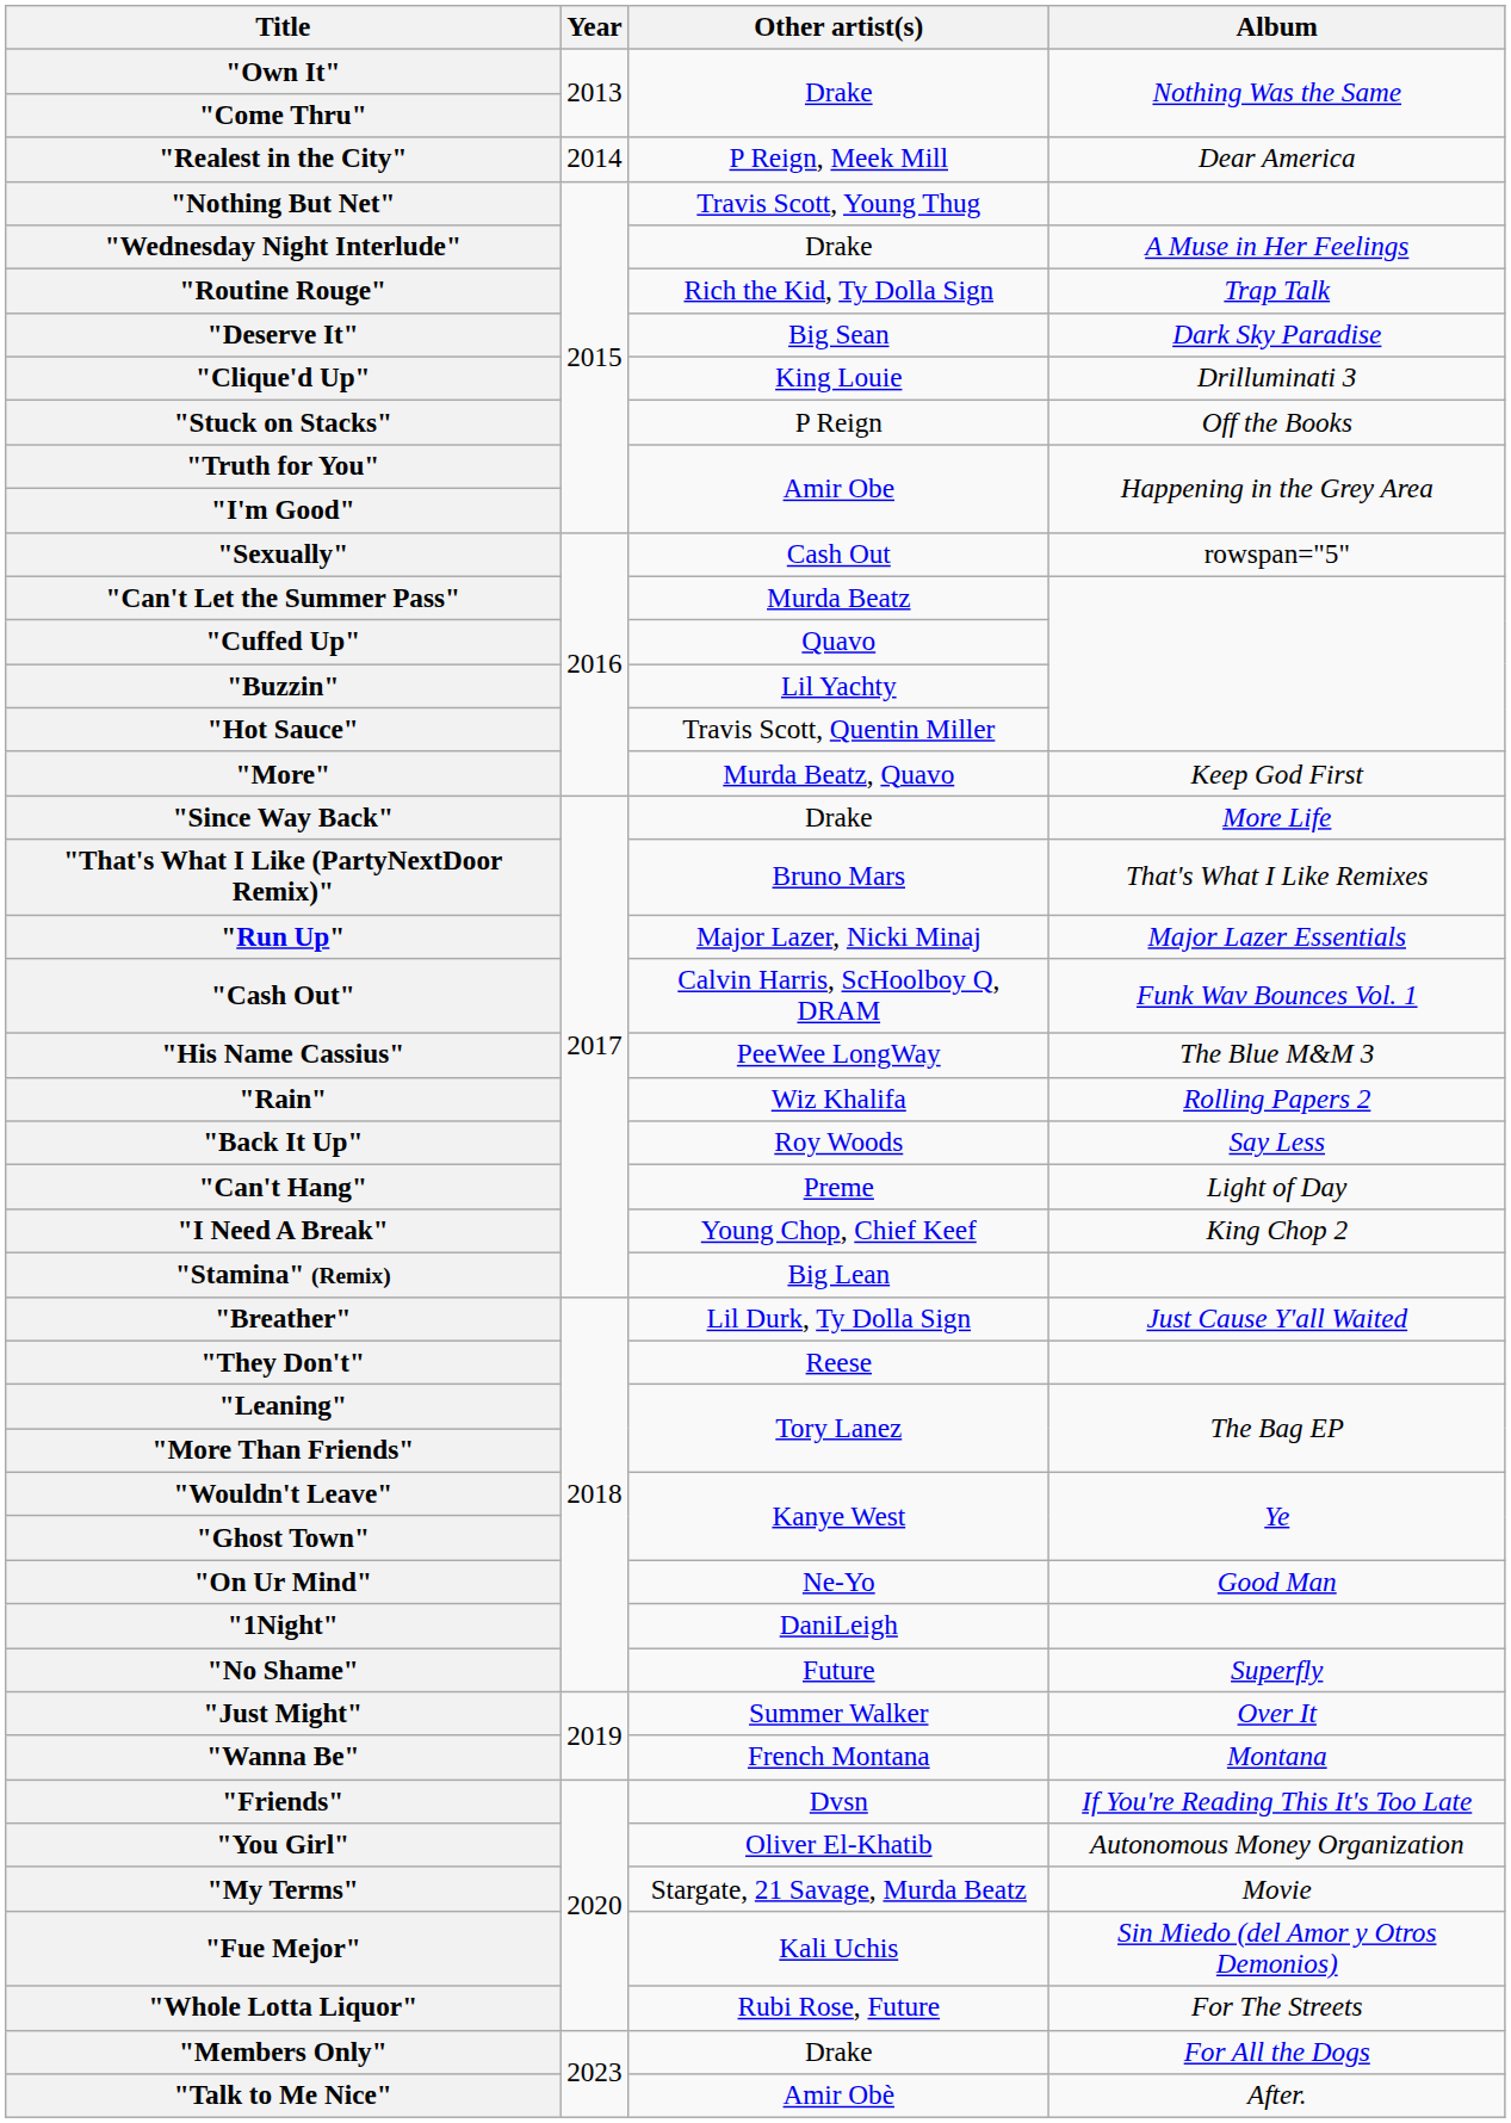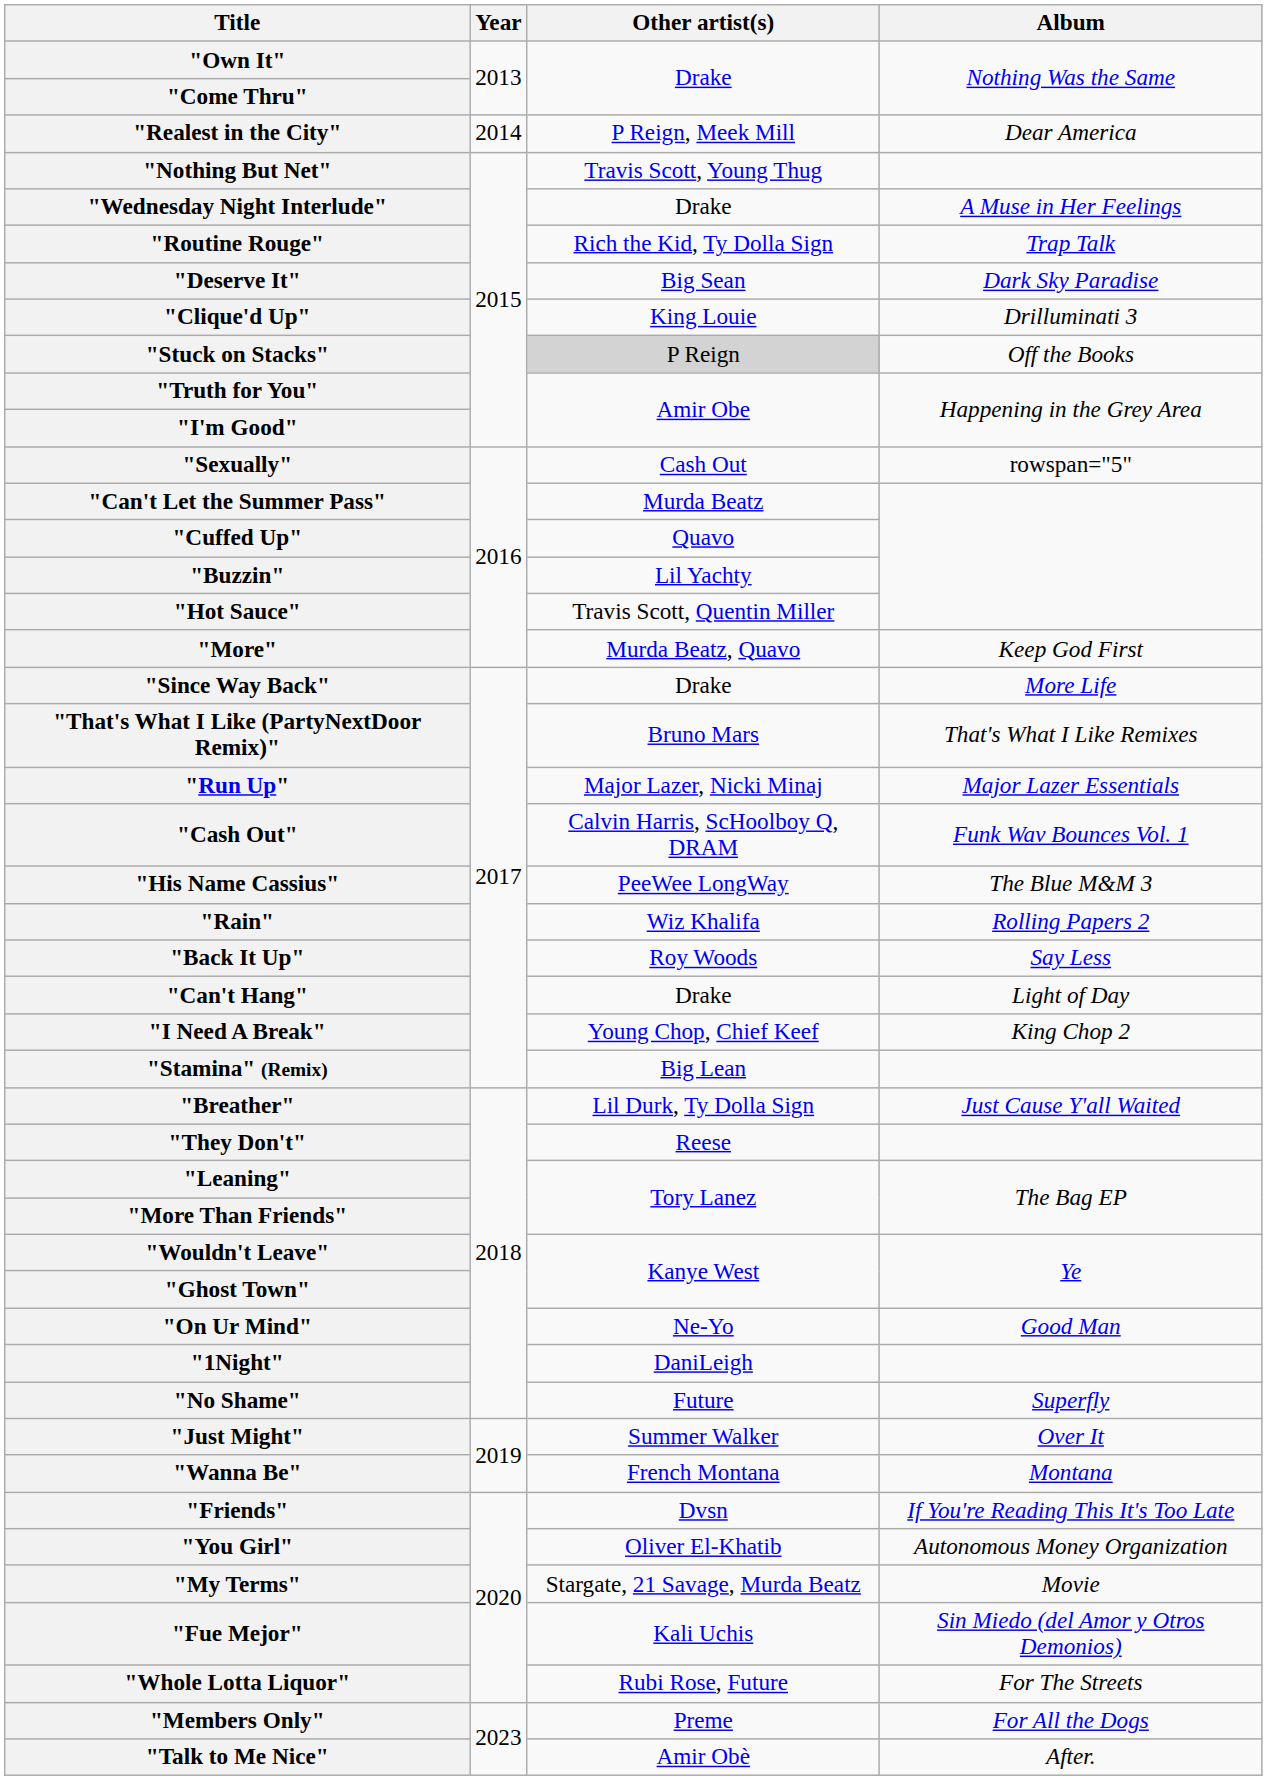 <table class="wikitable plainrowheaders" style="text-align:center;">
 <tr>
 <th scope="col">Title</th>
 <th scope="col">Year</th>
 <th scope="col">Other artist(s)</th>
 <th scope="col">Album</th>
 </tr>
 <tr>
 <th scope="row">"Own It"</th>
 <td rowspan="2">2013</td>
 <td rowspan="2"><a href='#'>Drake</a></td>
 <td rowspan="2"><em><a href='#'>Nothing Was the Same</a></em></td>
 </tr>
 <tr>
 <th scope="row">"Come Thru"</th>
 </tr>
 <tr>
 <th scope="row">"Realest in the City"</th>
 <td>2014</td>
 <td><a href='#'>P Reign</a>, <a href='#'>Meek Mill</a></td>
 <td><em>Dear America</em></td>
 </tr>
 <tr>
 <th scope="row">"Nothing But Net"</th>
 <td rowspan="8">2015</td>
 <td><a href='#'>Travis Scott</a>, <a href='#'>Young Thug</a></td>
 <td></td>
 </tr>
 <tr>
 <th scope="row">"Wednesday Night Interlude"</th>
 <td>Drake</td>
 <td><em><a href='#'>A Muse in Her Feelings</a></em></td>
 </tr>
 <tr>
 <th scope="row">"Routine Rouge"</th>
 <td><a href='#'>Rich the Kid</a>, <a href='#'>Ty Dolla Sign</a></td>
 <td><em><a href='#'>Trap Talk</a></em></td>
 </tr>
 <tr>
 <th scope="row">"Deserve It"</th>
 <td><a href='#'>Big Sean</a></td>
 <td><em><a href='#'>Dark Sky Paradise</a></em></td>
 </tr>
 <tr>
 <th scope="row">"Clique'd Up"</th>
 <td><a href='#'>King Louie</a></td>
 <td><em>Drilluminati 3</em></td>
 </tr>
 <tr>
 <th scope="row">"Stuck on Stacks"</th>
-<td>P Reign</td>
+<td style="background: lightgrey;">P Reign</td>
 <td><em>Off the Books</em></td>
 </tr>
 <tr>
 <th scope="row">"Truth for You"</th>
 <td rowspan="2"><a href='#'>Amir Obe</a></td>
 <td rowspan="2"><em>Happening in the Grey Area</em></td>
 </tr>
 <tr>
 <th scope="row">"I'm Good"</th>
 </tr>
 <tr>
 <th scope="row">"Sexually"</th>
 <td rowspan="6">2016</td>
 <td><a href='#'>Cash Out</a></td>
 <td>rowspan="5" </td>
 </tr>
 <tr>
 <th scope="row">"Can't Let the Summer Pass"</th>
 <td><a href='#'>Murda Beatz</a></td>
 </tr>
 <tr>
 <th scope="row">"Cuffed Up"</th>
 <td><a href='#'>Quavo</a></td>
 </tr>
 <tr>
 <th scope="row">"Buzzin"</th>
 <td><a href='#'>Lil Yachty</a></td>
 </tr>
 <tr>
 <th scope="row">"Hot Sauce"</th>
 <td>Travis Scott, <a href='#'>Quentin Miller</a></td>
 </tr>
 <tr>
 <th scope="row">"More"</th>
 <td><a href='#'>Murda Beatz</a>, <a href='#'>Quavo</a></td>
 <td><em>Keep God First</em></td>
 </tr>
 <tr>
 <th scope="row">"Since Way Back"</th>
 <td rowspan="10">2017</td>
 <td>Drake</td>
 <td><em><a href='#'>More Life</a></em></td>
 </tr>
 <tr>
 <th scope="row">"That's What I Like (PartyNextDoor Remix)"</th>
 <td><a href='#'>Bruno Mars</a></td>
 <td><em>That's What I Like Remixes</em></td>
 </tr>
 <tr>
 <th scope="row">"<a href='#'>Run Up</a>"</th>
 <td><a href='#'>Major Lazer</a>, <a href='#'>Nicki Minaj</a></td>
 <td><em><a href='#'>Major Lazer Essentials</a></em></td>
 </tr>
 <tr>
 <th scope="row">"Cash Out"</th>
 <td><a href='#'>Calvin Harris</a>, <a href='#'>ScHoolboy Q</a>, <a href='#'>DRAM</a></td>
 <td><em><a href='#'>Funk Wav Bounces Vol. 1</a></em></td>
 </tr>
 <tr>
 <th scope="row">"His Name Cassius"</th>
 <td><a href='#'>PeeWee LongWay</a></td>
 <td><em>The Blue M&M 3</em></td>
 </tr>
 <tr>
 <th scope="row">"Rain"</th>
 <td><a href='#'>Wiz Khalifa</a></td>
 <td><em><a href='#'>Rolling Papers 2</a></em></td>
 </tr>
 <tr>
 <th scope="row">"Back It Up"</th>
 <td><a href='#'>Roy Woods</a></td>
 <td><em><a href='#'>Say Less</a></em></td>
 </tr>
 <tr>
 <th scope="row">"Can't Hang"</th>
-<td><a href='#'>Preme</a></td>
+<td>Drake</td>
 <td><em>Light of Day</em></td>
 </tr>
 <tr>
 <th scope="row">"I Need A Break"</th>
 <td><a href='#'>Young Chop</a>, <a href='#'>Chief Keef</a></td>
 <td><em>King Chop 2</em></td>
 </tr>
 <tr>
 <th scope="row">"Stamina" <small>(Remix)</small></th>
 <td><a href='#'>Big Lean</a></td>
 <td></td>
 </tr>
 <tr>
 <th scope="row">"Breather"</th>
 <td rowspan="9">2018</td>
 <td><a href='#'>Lil Durk</a>, <a href='#'>Ty Dolla Sign</a></td>
 <td><em><a href='#'>Just Cause Y'all Waited</a></em></td>
 </tr>
 <tr>
 <th scope="row">"They Don't"</th>
 <td><a href='#'>Reese</a></td>
 <td></td>
 </tr>
 <tr>
 <th scope="row">"Leaning"</th>
 <td rowspan="2"><a href='#'>Tory Lanez</a></td>
 <td rowspan="2"><em>The Bag EP</em></td>
 </tr>
 <tr>
 <th scope="row">"More Than Friends"</th>
 </tr>
 <tr>
 <th scope="row">"Wouldn't Leave"</th>
 <td rowspan="2"><a href='#'>Kanye West</a></td>
 <td rowspan="2"><em><a href='#'>Ye</a></em></td>
 </tr>
 <tr>
 <th scope="row">"Ghost Town"</th>
 </tr>
 <tr>
 <th scope="row">"On Ur Mind"</th>
 <td><a href='#'>Ne-Yo</a></td>
 <td><em><a href='#'>Good Man</a></em></td>
 </tr>
 <tr>
 <th scope="row">"1Night"</th>
 <td><a href='#'>DaniLeigh</a></td>
 <td></td>
 </tr>
 <tr>
 <th scope="row">"No Shame"</th>
 <td><a href='#'>Future</a></td>
 <td><em><a href='#'>Superfly</a></em></td>
 </tr>
 <tr>
 <th scope="row">"Just Might"</th>
 <td rowspan="2">2019</td>
 <td><a href='#'>Summer Walker</a></td>
 <td><em><a href='#'>Over It</a></em></td>
 </tr>
 <tr>
 <th scope="row">"Wanna Be"</th>
 <td><a href='#'>French Montana</a></td>
 <td><em><a href='#'>Montana</a></em></td>
 </tr>
 <tr>
 <th scope="row">"Friends"</th>
 <td rowspan="5">2020</td>
 <td><a href='#'>Dvsn</a></td>
 <td><em><a href='#'>If You're Reading This It's Too Late</a></em></td>
 </tr>
 <tr>
 <th scope="row">"You Girl"</th>
 <td><a href='#'>Oliver El-Khatib</a></td>
 <td><em>Autonomous Money Organization</em></td>
 </tr>
 <tr>
 <th scope="row">"My Terms"</th>
 <td>Stargate, <a href='#'>21 Savage</a>, <a href='#'>Murda Beatz</a></td>
 <td><em>Movie</em></td>
 </tr>
 <tr>
 <th scope="row">"Fue Mejor"</th>
 <td><a href='#'>Kali Uchis</a></td>
 <td><em><a href='#'>Sin Miedo (del Amor y Otros Demonios)</a></em></td>
 </tr>
 <tr>
 <th scope="row">"Whole Lotta Liquor"</th>
 <td><a href='#'>Rubi Rose</a>, <a href='#'>Future</a></td>
 <td><em>For The Streets</em></td>
 </tr>
 <tr>
 <th scope="row">"Members Only"</th>
 <td rowspan="2">2023</td>
-<td>Drake</td>
+<td><a href='#'>Preme</a></td>
 <td><em><a href='#'>For All the Dogs</a></em></td>
 </tr>
 <tr>
 <th scope="row">"Talk to Me Nice"</th>
 <td><a href='#'>Amir Obè</a></td>
 <td><em>After.</em></td>
 </tr>
 </table>
